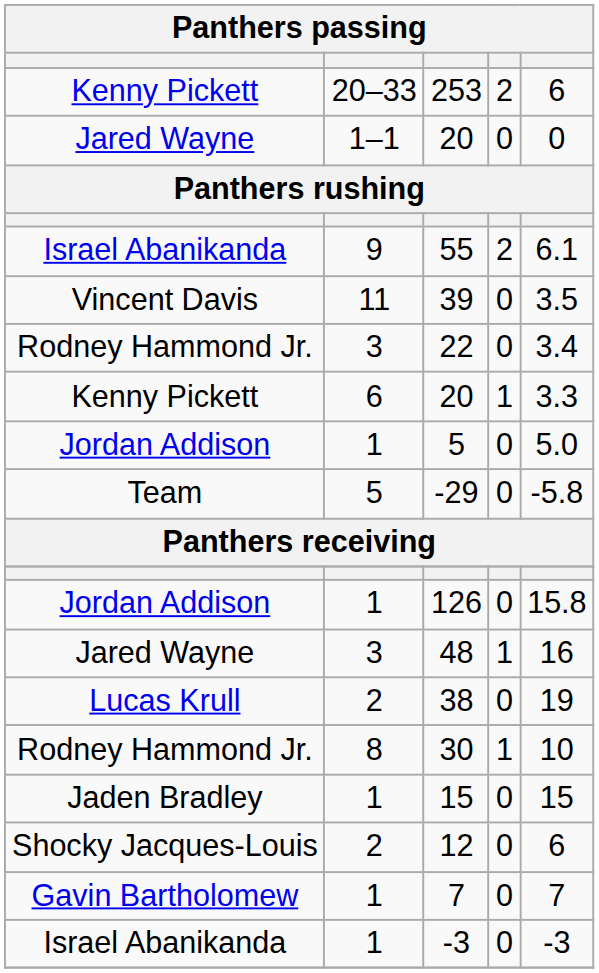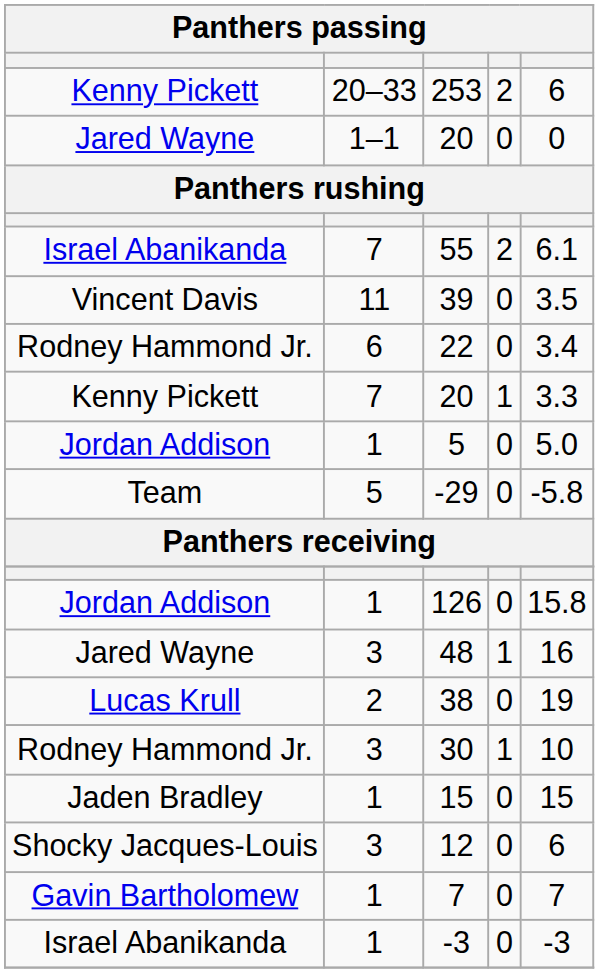 <table class="wikitable plainrowheaders" style="text-align:center;">
 <tr>
 <th colspan="6">Panthers passing</th>
 </tr>
 <tr>
 <th scope="col"></th>
 <th scope="col"></th>
 <th scope="col"></th>
 <th scope="col"></th>
 <th scope="col"></th>
 </tr>
 <tr>
 <td><a href='#'>Kenny Pickett</a></td>
 <td>20–33</td>
 <td>253</td>
 <td>2</td>
 <td>6</td>
 </tr>
 <tr>
 <td><a href='#'>Jared Wayne</a></td>
 <td>1–1</td>
 <td>20</td>
 <td>0</td>
 <td>0</td>
 </tr>
 <tr>
 <th colspan="6">Panthers rushing</th>
 </tr>
 <tr>
 <th scope="col"></th>
 <th scope="col"></th>
 <th scope="col"></th>
 <th scope="col"></th>
 <th scope="col"></th>
 </tr>
 <tr>
 <td><a href='#'>Israel Abanikanda</a></td>
-<td>9</td>
+<td>7</td>
 <td>55</td>
 <td>2</td>
 <td>6.1</td>
 </tr>
 <tr>
 <td>Vincent Davis</td>
 <td>11</td>
 <td>39</td>
 <td>0</td>
 <td>3.5</td>
 </tr>
 <tr>
 <td>Rodney Hammond Jr.</td>
-<td>3</td>
+<td>6</td>
 <td>22</td>
 <td>0</td>
 <td>3.4</td>
 </tr>
 <tr>
 <td>Kenny Pickett</td>
-<td>6</td>
+<td>7</td>
 <td>20</td>
 <td>1</td>
 <td>3.3</td>
 </tr>
 <tr>
 <td><a href='#'>Jordan Addison</a></td>
 <td>1</td>
 <td>5</td>
 <td>0</td>
 <td>5.0</td>
 </tr>
 <tr>
 <td>Team</td>
 <td>5</td>
 <td>-29</td>
 <td>0</td>
 <td>-5.8</td>
 </tr>
 <tr>
 <th colspan="6">Panthers receiving</th>
 </tr>
 <tr>
 </tr>
 <tr>
 <th scope="col"></th>
 <th scope="col"></th>
 <th scope="col"></th>
 <th scope="col"></th>
 <th scope="col"></th>
 </tr>
 <tr>
 <td><a href='#'>Jordan Addison</a></td>
 <td>1</td>
 <td>126</td>
 <td>0</td>
 <td>15.8</td>
 </tr>
 <tr>
 <td>Jared Wayne</td>
 <td>3</td>
 <td>48</td>
 <td>1</td>
 <td>16</td>
 </tr>
 <tr>
 <td><a href='#'>Lucas Krull</a></td>
 <td>2</td>
 <td>38</td>
 <td>0</td>
 <td>19</td>
 </tr>
 <tr>
 <td>Rodney Hammond Jr.</td>
-<td>8</td>
+<td>3</td>
 <td>30</td>
 <td>1</td>
 <td>10</td>
 </tr>
 <tr>
 <td>Jaden Bradley</td>
 <td>1</td>
 <td>15</td>
 <td>0</td>
 <td>15</td>
 </tr>
 <tr>
 <td>Shocky Jacques-Louis</td>
-<td>2</td>
+<td>3</td>
 <td>12</td>
 <td>0</td>
 <td>6</td>
 </tr>
 <tr>
 <td><a href='#'>Gavin Bartholomew</a></td>
 <td>1</td>
 <td>7</td>
 <td>0</td>
 <td>7</td>
 </tr>
 <tr>
 <td>Israel Abanikanda</td>
 <td>1</td>
 <td>-3</td>
 <td>0</td>
 <td>-3</td>
 </tr>
 <tr>
 </tr>
 </table>
